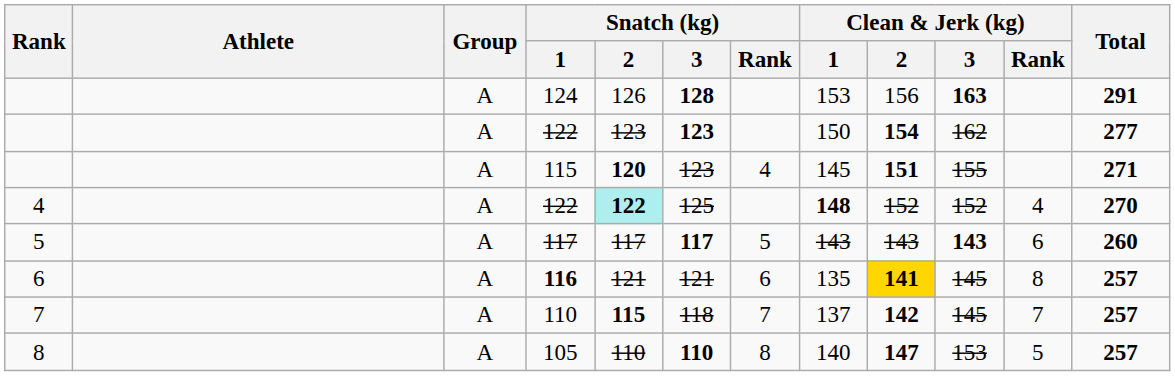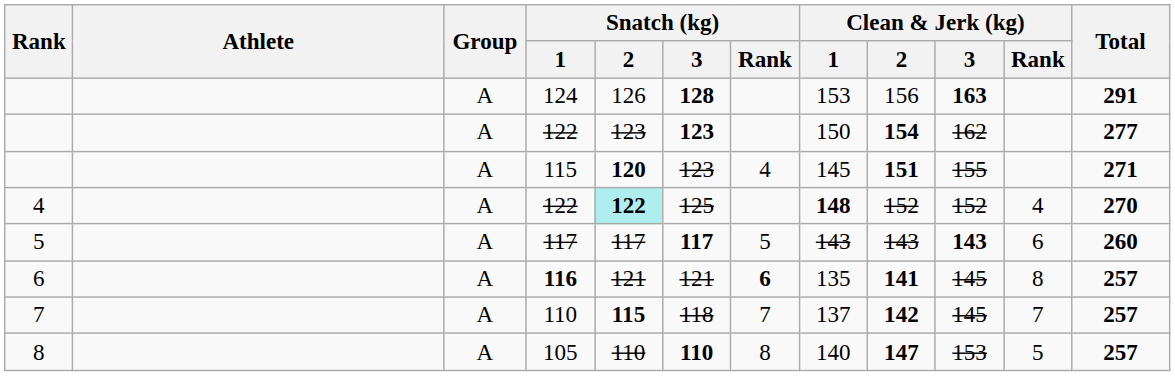 <table class = "wikitable" style="text-align:center;">
 <tr>
 <th rowspan=2 width=40>Rank</th>
 <th rowspan=2 width=250>Athlete</th>
 <th rowspan=2 width=50>Group</th>
 <th colspan=4>Snatch (kg)</th>
 <th colspan=4>Clean & Jerk (kg)</th>
 <th rowspan=2 width=60>Total</th>
 </tr>
 <tr>
 <th width=40>1</th>
 <th width=40>2</th>
 <th width=40>3</th>
 <th width=40>Rank</th>
 <th width=40>1</th>
 <th width=40>2</th>
 <th width=40>3</th>
 <th width=40>Rank</th>
 </tr>
 <tr>
 <td></td>
 <td align=left></td>
 <td>A</td>
 <td>124</td>
 <td>126</td>
 <td><strong>128</strong></td>
 <td></td>
 <td>153</td>
 <td>156</td>
 <td><strong>163</strong></td>
 <td></td>
 <td><strong>291</strong></td>
 </tr>
 <tr>
 <td></td>
 <td align=left></td>
 <td>A</td>
 <td><s>122</s></td>
 <td><s>123</s></td>
 <td><strong>123</strong></td>
 <td></td>
 <td>150</td>
 <td><strong>154</strong></td>
 <td><s>162</s></td>
 <td></td>
 <td><strong>277</strong></td>
 </tr>
 <tr>
 <td></td>
 <td align=left></td>
 <td>A</td>
 <td>115</td>
 <td><strong>120</strong></td>
 <td><s>123</s></td>
 <td>4</td>
 <td>145</td>
 <td><strong>151</strong></td>
 <td><s>155</s></td>
 <td></td>
 <td><strong>271</strong></td>
 </tr>
 <tr>
 <td>4</td>
 <td align=left></td>
 <td>A</td>
 <td><s>122</s></td>
 <td style="background: paleturquoise;"><strong>122</strong></td>
 <td><s>125</s></td>
 <td></td>
 <td><strong>148</strong></td>
 <td><s>152</s></td>
 <td><s>152</s></td>
 <td>4</td>
 <td><strong>270</strong></td>
 </tr>
 <tr>
 <td>5</td>
 <td align=left></td>
 <td>A</td>
 <td><s>117</s></td>
 <td><s>117</s></td>
 <td><strong>117</strong></td>
 <td>5</td>
 <td><s>143</s></td>
 <td><s>143</s></td>
 <td><strong>143</strong></td>
 <td>6</td>
 <td><strong>260</strong></td>
 </tr>
 <tr>
 <td>6</td>
 <td align=left></td>
 <td>A</td>
 <td><strong>116</strong></td>
 <td><s>121</s></td>
 <td><s>121</s></td>
-<td>6</td>
+<td><strong>6</strong></td>
 <td>135</td>
-<td style="background: gold;"><strong>141</strong></td>
+<td><strong>141</strong></td>
 <td><s>145</s></td>
 <td>8</td>
 <td><strong>257</strong></td>
 </tr>
 <tr>
 <td>7</td>
 <td align=left></td>
 <td>A</td>
 <td>110</td>
 <td><strong>115</strong></td>
 <td><s>118</s></td>
 <td>7</td>
 <td>137</td>
 <td><strong>142</strong></td>
 <td><s>145</s></td>
 <td>7</td>
 <td><strong>257</strong></td>
 </tr>
 <tr>
 <td>8</td>
 <td align=left></td>
 <td>A</td>
 <td>105</td>
 <td><s>110</s></td>
 <td><strong>110</strong></td>
 <td>8</td>
 <td>140</td>
 <td><strong>147</strong></td>
 <td><s>153</s></td>
 <td>5</td>
 <td><strong>257</strong></td>
 </tr>
 </table>
